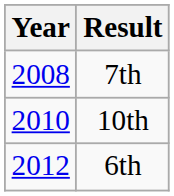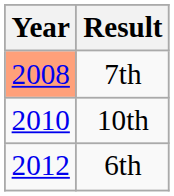 <table class="wikitable" style="text-align: center">
 <tr>
 <th>Year</th>
 <th>Result</th>
 </tr>
 <tr>
-<td><a href='#'>2008</a></td>
+<td style="background: lightsalmon;"><a href='#'>2008</a></td>
 <td>7th</td>
 </tr>
 <tr>
 <td><a href='#'>2010</a></td>
 <td>10th</td>
 </tr>
 <tr>
 <td><a href='#'>2012</a></td>
 <td>6th</td>
 </tr>
 </table>
